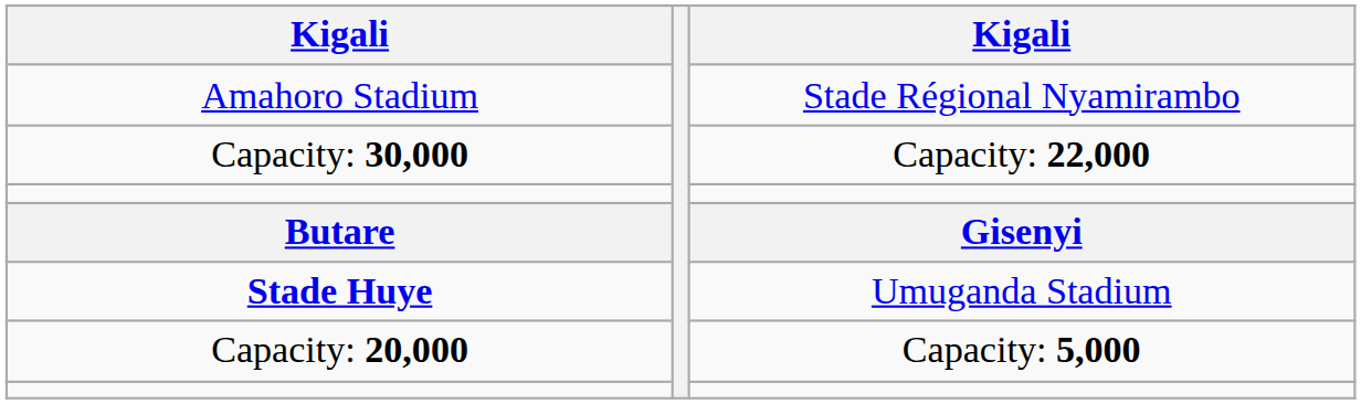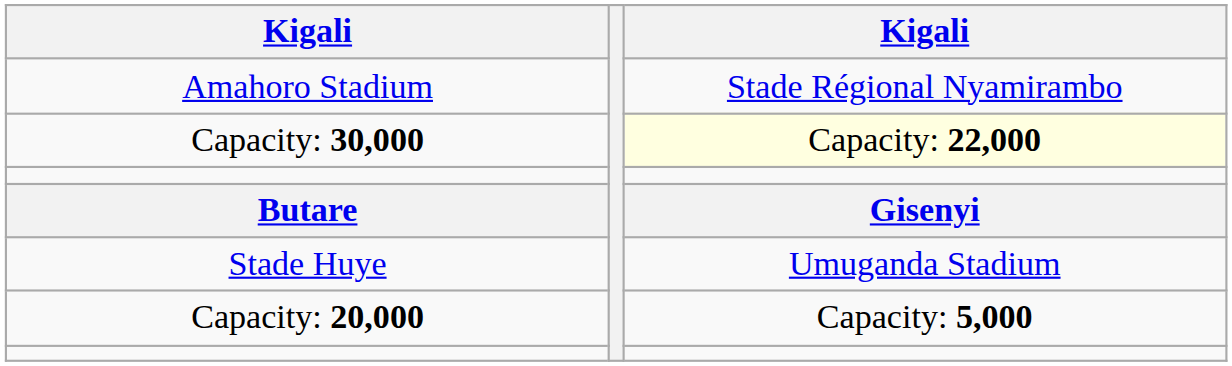 <table class=wikitable style="text-align:center;margin:1em auto;">
 <tr>
 <th width=275><a href='#'>Kigali</a></th>
 <th rowspan=8><br></th>
 <th width=275><a href='#'>Kigali</a></th>
 </tr>
 <tr>
 <td><a href='#'>Amahoro Stadium</a></td>
 <td><a href='#'>Stade Régional Nyamirambo</a></td>
 </tr>
 <tr>
 <td>Capacity: <strong>30,000</strong></td>
-<td>Capacity: <strong>22,000</strong></td>
+<td style="background: lightyellow;">Capacity: <strong>22,000</strong></td>
 </tr>
 <tr>
 <td></td>
 <td></td>
 </tr>
 <tr>
 <th><a href='#'>Butare</a></th>
 <th><a href='#'>Gisenyi</a></th>
 </tr>
 <tr>
-<td><strong><a href='#'>Stade Huye</a></strong></td>
+<td><a href='#'>Stade Huye</a></td>
 <td><a href='#'>Umuganda Stadium</a></td>
 </tr>
 <tr>
 <td>Capacity: <strong>20,000</strong></td>
 <td>Capacity: <strong>5,000</strong></td>
 </tr>
 <tr>
 <td></td>
 <td></td>
 </tr>
 </table>
